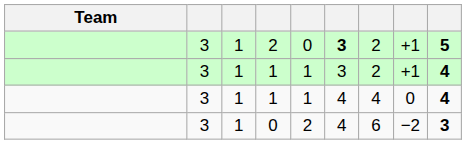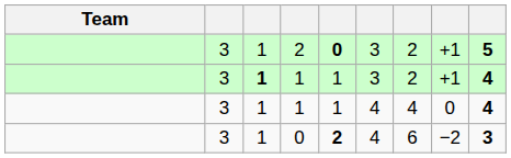 <table class="wikitable" style="text-align:center">
 <tr>
 <th width=165>Team</th>
 <th width=25></th>
 <th width=25></th>
 <th width=25></th>
 <th width=25></th>
 <th width=25></th>
 <th width=25></th>
 <th width=25></th>
 <th width=25></th>
 </tr>
 <tr style="background:#cfc">
 <td align="left"></td>
 <td>3</td>
 <td>1</td>
 <td>2</td>
-<td>0</td>
-<td><strong>3</strong></td>
+<td><strong>0</strong></td>
+<td>3</td>
 <td>2</td>
 <td>+1</td>
 <td><strong>5</strong></td>
 </tr>
 <tr style="background:#cfc">
 <td align="left"></td>
 <td>3</td>
-<td>1</td>
+<td><strong>1</strong></td>
 <td>1</td>
 <td>1</td>
 <td>3</td>
 <td>2</td>
 <td>+1</td>
 <td><strong>4</strong></td>
 </tr>
 <tr>
 <td align="left"></td>
 <td>3</td>
 <td>1</td>
 <td>1</td>
 <td>1</td>
 <td>4</td>
 <td>4</td>
 <td>0</td>
 <td><strong>4</strong></td>
 </tr>
 <tr>
 <td align="left"></td>
 <td>3</td>
 <td>1</td>
 <td>0</td>
-<td>2</td>
+<td><strong>2</strong></td>
 <td>4</td>
 <td>6</td>
 <td>−2</td>
 <td><strong>3</strong></td>
 </tr>
 </table>
